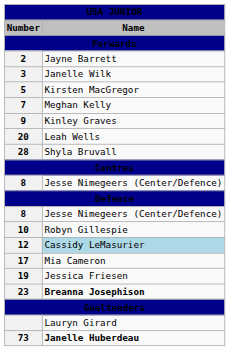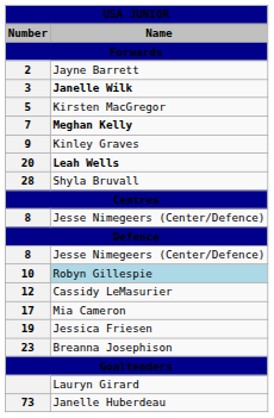 <table class="wikitable" style="text-align:left; font-size:90%;">
 <tr>
 <th style=background:DarkBlue colspan=4><span>USA JUNIOR</span></th>
 </tr>
 <tr>
 <th width=10 style="background:silver;">Number</th>
 <th style="background:silver;">Name</th>
 </tr>
 <tr>
 <th style=background:DarkBlue colspan=4><span>Forwards</span></th>
 </tr>
 <tr>
 <th>2</th>
 <td>Jayne Barrett</td>
 </tr>
 <tr>
 <th>3</th>
-<td>Janelle Wilk</td>
+<td><strong>Janelle Wilk</strong></td>
 </tr>
 <tr>
 <th>5</th>
 <td>Kirsten MacGregor</td>
 </tr>
 <tr>
 <th>7</th>
-<td>Meghan Kelly</td>
+<td><strong>Meghan Kelly</strong></td>
 </tr>
 <tr>
 <th>9</th>
 <td>Kinley Graves</td>
 </tr>
 <tr>
 <th>20</th>
-<td>Leah Wells</td>
+<td><strong>Leah Wells</strong></td>
 </tr>
 <tr>
 <th>28</th>
 <td>Shyla Bruvall</td>
 </tr>
 <tr>
 <th style=background:DarkBlue colspan=4><span>Centres</span></th>
 </tr>
 <tr>
 <th>8</th>
 <td>Jesse Nimegeers (Center/Defence)</td>
 </tr>
 <tr>
 <th style=background:DarkBlue colspan=4><span>Defence</span></th>
 </tr>
 <tr>
 <th>8</th>
 <td>Jesse Nimegeers (Center/Defence)</td>
 </tr>
 <tr>
 <th>10</th>
-<td>Robyn Gillespie</td>
+<td style="background: lightblue;">Robyn Gillespie</td>
 </tr>
 <tr>
 <th>12</th>
-<td style="background: lightblue;">Cassidy LeMasurier</td>
+<td>Cassidy LeMasurier</td>
 </tr>
 <tr>
 <th>17</th>
 <td>Mia Cameron</td>
 </tr>
 <tr>
 <th>19</th>
 <td>Jessica Friesen</td>
 </tr>
 <tr>
 <th>23</th>
-<td><strong>Breanna Josephison</strong></td>
+<td>Breanna Josephison</td>
 </tr>
 <tr>
 <th style=background:DarkBlue colspan=4><span>Goaltenders</span></th>
 </tr>
 <tr>
 <th></th>
 <td>Lauryn Girard</td>
 </tr>
 <tr>
 <th>73</th>
-<td><strong>Janelle Huberdeau</strong></td>
+<td>Janelle Huberdeau</td>
 </tr>
 </table>
